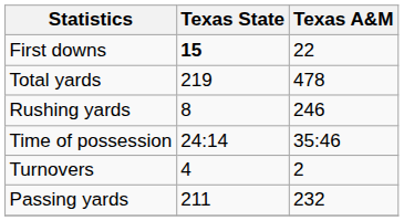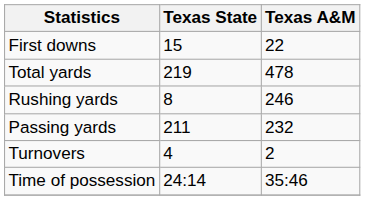 <table class="wikitable" style="float: left;">
 <tr>
 <th>Statistics</th>
 <th>Texas State</th>
 <th>Texas A&M</th>
 </tr>
 <tr>
 <td>First downs</td>
-<td><strong>15</strong></td>
+<td>15</td>
 <td>22</td>
 </tr>
 <tr>
 <td>Total yards</td>
 <td>219</td>
 <td>478</td>
 </tr>
 <tr>
 <td>Rushing yards</td>
 <td>8</td>
 <td>246</td>
 </tr>
 <tr>
-<td>Time of possession</td>
-<td>24:14</td>
-<td>35:46</td>
+<td>Passing yards</td>
+<td>211</td>
+<td>232</td>
 </tr>
 <tr>
 <td>Turnovers</td>
 <td>4</td>
 <td>2</td>
 </tr>
 <tr>
-<td>Passing yards</td>
-<td>211</td>
-<td>232</td>
+<td>Time of possession</td>
+<td>24:14</td>
+<td>35:46</td>
 </tr>
 <tr>
 </tr>
 </table>
